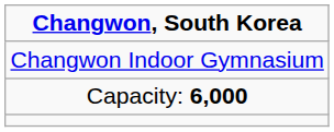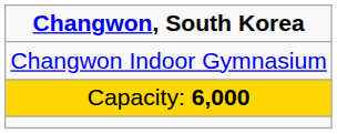 <table class="wikitable" style="text-align:center">
 <tr>
 <td><strong><a href='#'>Changwon</a>, South Korea</strong></td>
 </tr>
 <tr>
 <td><a href='#'>Changwon Indoor Gymnasium</a></td>
 </tr>
 <tr>
-<td>Capacity: <strong>6,000</strong></td>
+<td style="background: gold;">Capacity: <strong>6,000</strong></td>
 </tr>
 <tr>
 <td></td>
 </tr>
 </table>
